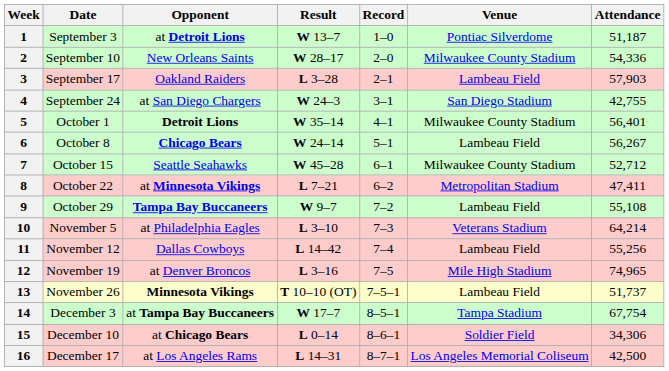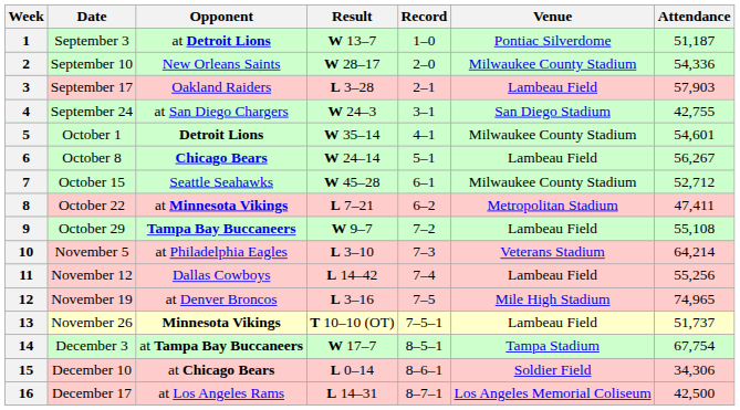 <table class="wikitable" style="text-align:center">
 <tr>
 <th>Week</th>
 <th>Date</th>
 <th>Opponent</th>
 <th>Result</th>
 <th>Record</th>
 <th>Venue</th>
 <th>Attendance</th>
 </tr>
 <tr style="background:#cfc">
 <th>1</th>
 <td>September 3</td>
 <td>at <strong><a href='#'>Detroit Lions</a></strong></td>
 <td><strong>W</strong> 13–7</td>
 <td>1–0</td>
 <td><a href='#'>Pontiac Silverdome</a></td>
 <td>51,187</td>
 </tr>
 <tr style="background:#cfc">
 <th>2</th>
 <td>September 10</td>
 <td><a href='#'>New Orleans Saints</a></td>
 <td><strong>W</strong> 28–17</td>
 <td>2–0</td>
 <td><a href='#'>Milwaukee County Stadium</a></td>
 <td>54,336</td>
 </tr>
 <tr style="background:#fcc">
 <th>3</th>
 <td>September 17</td>
 <td><a href='#'>Oakland Raiders</a></td>
 <td><strong>L</strong> 3–28</td>
 <td>2–1</td>
 <td><a href='#'>Lambeau Field</a></td>
 <td>57,903</td>
 </tr>
 <tr style="background:#cfc">
 <th>4</th>
 <td>September 24</td>
 <td>at <a href='#'>San Diego Chargers</a></td>
 <td><strong>W</strong> 24–3</td>
 <td>3–1</td>
 <td><a href='#'>San Diego Stadium</a></td>
 <td>42,755</td>
 </tr>
 <tr style="background:#cfc">
 <th>5</th>
 <td>October 1</td>
 <td><strong>Detroit Lions</strong></td>
 <td><strong>W</strong> 35–14</td>
 <td>4–1</td>
 <td>Milwaukee County Stadium</td>
-<td>56,401</td>
+<td>54,601</td>
 </tr>
 <tr style="background:#cfc">
 <th>6</th>
 <td>October 8</td>
 <td><strong><a href='#'>Chicago Bears</a></strong></td>
 <td><strong>W</strong> 24–14</td>
 <td>5–1</td>
 <td>Lambeau Field</td>
 <td>56,267</td>
 </tr>
 <tr style="background:#cfc">
 <th>7</th>
 <td>October 15</td>
 <td><a href='#'>Seattle Seahawks</a></td>
 <td><strong>W</strong> 45–28</td>
 <td>6–1</td>
 <td>Milwaukee County Stadium</td>
 <td>52,712</td>
 </tr>
 <tr style="background:#fcc">
 <th>8</th>
 <td>October 22</td>
 <td>at <strong><a href='#'>Minnesota Vikings</a></strong></td>
 <td><strong>L</strong> 7–21</td>
 <td>6–2</td>
 <td><a href='#'>Metropolitan Stadium</a></td>
 <td>47,411</td>
 </tr>
 <tr style="background:#cfc">
 <th>9</th>
 <td>October 29</td>
 <td><strong><a href='#'>Tampa Bay Buccaneers</a></strong></td>
 <td><strong>W</strong> 9–7</td>
 <td>7–2</td>
 <td>Lambeau Field</td>
 <td>55,108</td>
 </tr>
 <tr style="background:#fcc">
 <th>10</th>
 <td>November 5</td>
 <td>at <a href='#'>Philadelphia Eagles</a></td>
 <td><strong>L</strong> 3–10</td>
 <td>7–3</td>
 <td><a href='#'>Veterans Stadium</a></td>
 <td>64,214</td>
 </tr>
 <tr style="background:#fcc">
 <th>11</th>
 <td>November 12</td>
 <td><a href='#'>Dallas Cowboys</a></td>
 <td><strong>L</strong> 14–42</td>
 <td>7–4</td>
 <td>Lambeau Field</td>
 <td>55,256</td>
 </tr>
 <tr style="background:#fcc">
 <th>12</th>
 <td>November 19</td>
 <td>at <a href='#'>Denver Broncos</a></td>
 <td><strong>L</strong> 3–16</td>
 <td>7–5</td>
 <td><a href='#'>Mile High Stadium</a></td>
 <td>74,965</td>
 </tr>
 <tr style="background:#ffc">
 <th>13</th>
 <td>November 26</td>
 <td><strong>Minnesota Vikings</strong></td>
 <td><strong>T</strong> 10–10 (OT)</td>
 <td>7–5–1</td>
 <td>Lambeau Field</td>
 <td>51,737</td>
 </tr>
 <tr style="background:#cfc">
 <th>14</th>
 <td>December 3</td>
 <td>at <strong>Tampa Bay Buccaneers</strong></td>
 <td><strong>W</strong> 17–7</td>
 <td>8–5–1</td>
 <td><a href='#'>Tampa Stadium</a></td>
 <td>67,754</td>
 </tr>
 <tr style="background:#fcc">
 <th>15</th>
 <td>December 10</td>
 <td>at <strong>Chicago Bears</strong></td>
 <td><strong>L</strong> 0–14</td>
 <td>8–6–1</td>
 <td><a href='#'>Soldier Field</a></td>
 <td>34,306</td>
 </tr>
 <tr style="background:#fcc">
 <th>16</th>
 <td>December 17</td>
 <td>at <a href='#'>Los Angeles Rams</a></td>
 <td><strong>L</strong> 14–31</td>
 <td>8–7–1</td>
 <td><a href='#'>Los Angeles Memorial Coliseum</a></td>
 <td>42,500</td>
 </tr>
 </table>
